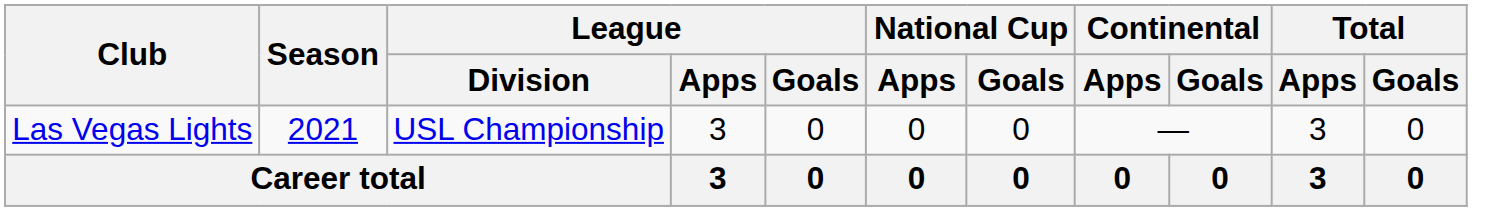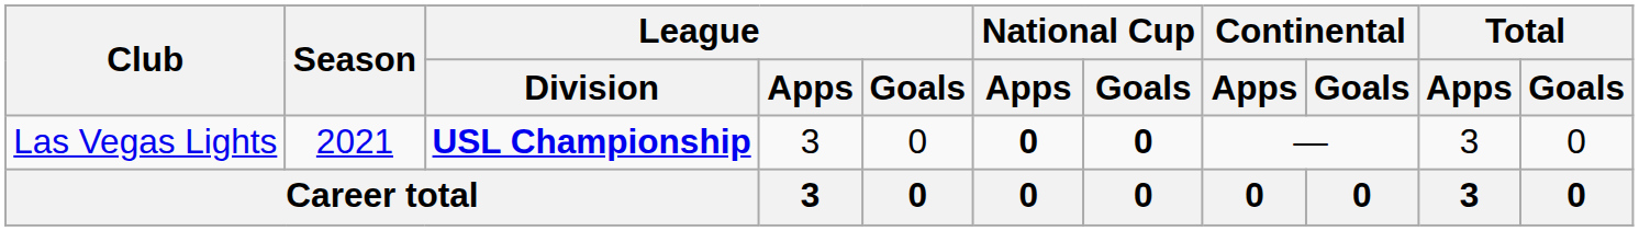 <table class=wikitable style=text-align:center>
 <tr>
 <th rowspan=2>Club</th>
 <th rowspan=2>Season</th>
 <th colspan=3>League</th>
 <th colspan=2>National Cup</th>
 <th colspan=2>Continental</th>
 <th colspan=2>Total</th>
 </tr>
 <tr>
 <th>Division</th>
 <th>Apps</th>
 <th>Goals</th>
 <th>Apps</th>
 <th>Goals</th>
 <th>Apps</th>
 <th>Goals</th>
 <th>Apps</th>
 <th>Goals</th>
 </tr>
 <tr>
 <td rowspan=1><a href='#'>Las Vegas Lights</a></td>
 <td><a href='#'>2021</a></td>
-<td><a href='#'>USL Championship</a></td>
+<td><strong><a href='#'>USL Championship</a></strong></td>
 <td>3</td>
 <td>0</td>
-<td>0</td>
-<td>0</td>
+<td><strong>0</strong></td>
+<td><strong>0</strong></td>
 <td colspan=2>—</td>
 <td>3</td>
 <td>0</td>
 </tr>
 <tr>
 <th colspan=3>Career total</th>
 <th>3</th>
 <th>0</th>
 <th>0</th>
 <th>0</th>
 <th>0</th>
 <th>0</th>
 <th>3</th>
 <th>0</th>
 </tr>
 </table>
